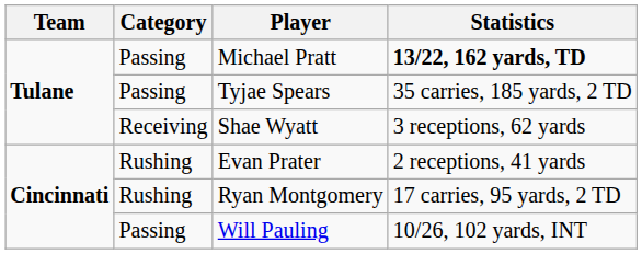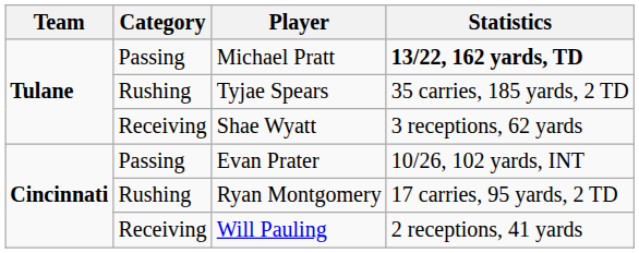 <table class="wikitable" style="float: right;">
 <tr>
 <th>Team</th>
 <th>Category</th>
 <th>Player</th>
 <th>Statistics</th>
 </tr>
 <tr>
 <td rowspan=3><strong>Tulane</strong></td>
 <td>Passing</td>
 <td>Michael Pratt</td>
 <td><strong>13/22, 162 yards, TD</strong></td>
 </tr>
 <tr>
-<td>Passing</td>
+<td>Rushing</td>
 <td>Tyjae Spears</td>
 <td>35 carries, 185 yards, 2 TD</td>
 </tr>
 <tr>
 <td>Receiving</td>
 <td>Shae Wyatt</td>
 <td>3 receptions, 62 yards</td>
 </tr>
 <tr>
 <td rowspan=3><strong>Cincinnati</strong></td>
-<td>Rushing</td>
+<td>Passing</td>
 <td>Evan Prater</td>
-<td>2 receptions, 41 yards</td>
+<td>10/26, 102 yards, INT</td>
 </tr>
 <tr>
 <td>Rushing</td>
 <td>Ryan Montgomery</td>
 <td>17 carries, 95 yards, 2 TD</td>
 </tr>
 <tr>
-<td>Passing</td>
+<td>Receiving</td>
 <td><a href='#'>Will Pauling</a></td>
-<td>10/26, 102 yards, INT</td>
+<td>2 receptions, 41 yards</td>
 </tr>
 </table>
